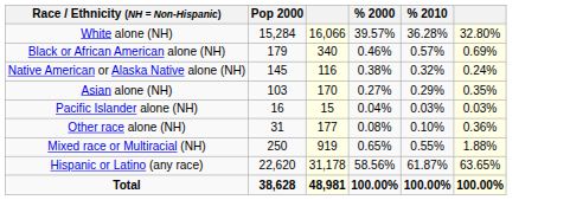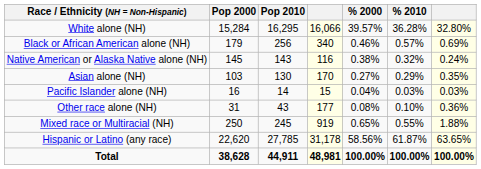 <table class="wikitable" style="text-align:center;">
 <tr>
 <th>Race / Ethnicity <small>(<em>NH = Non-Hispanic</em>)</small></th>
 <th>Pop 2000</th>
+<th>Pop 2010</th>
 <th></th>
 <th>% 2000</th>
 <th>% 2010</th>
 <th></th>
 </tr>
 <tr>
 <td><a href='#'>White</a> alone (NH)</td>
 <td>15,284</td>
+<td>16,295</td>
 <td style='background: #ffffe6;'>16,066</td>
 <td>39.57%</td>
 <td>36.28%</td>
 <td style='background: #ffffe6;'>32.80%</td>
 </tr>
 <tr>
 <td><a href='#'>Black or African American</a> alone (NH)</td>
 <td>179</td>
+<td>256</td>
 <td style='background: #ffffe6;'>340</td>
 <td>0.46%</td>
 <td>0.57%</td>
 <td style='background: #ffffe6;'>0.69%</td>
 </tr>
 <tr>
 <td><a href='#'>Native American</a> or <a href='#'>Alaska Native</a> alone (NH)</td>
 <td>145</td>
+<td>143</td>
 <td style='background: #ffffe6;'>116</td>
 <td>0.38%</td>
 <td>0.32%</td>
 <td style='background: #ffffe6;'>0.24%</td>
 </tr>
 <tr>
 <td><a href='#'>Asian</a> alone (NH)</td>
 <td>103</td>
+<td>130</td>
 <td style='background: #ffffe6;'>170</td>
 <td>0.27%</td>
 <td>0.29%</td>
 <td style='background: #ffffe6;'>0.35%</td>
 </tr>
 <tr>
 <td><a href='#'>Pacific Islander</a> alone (NH)</td>
 <td>16</td>
+<td>14</td>
 <td style='background: #ffffe6;'>15</td>
 <td>0.04%</td>
 <td>0.03%</td>
 <td style='background: #ffffe6;'>0.03%</td>
 </tr>
 <tr>
 <td><a href='#'>Other race</a> alone (NH)</td>
 <td>31</td>
+<td>43</td>
 <td style='background: #ffffe6;'>177</td>
 <td>0.08%</td>
 <td>0.10%</td>
 <td style='background: #ffffe6;'>0.36%</td>
 </tr>
 <tr>
 <td><a href='#'>Mixed race or Multiracial</a> (NH)</td>
 <td>250</td>
+<td>245</td>
 <td style='background: #ffffe6;'>919</td>
 <td>0.65%</td>
 <td>0.55%</td>
 <td style='background: #ffffe6;'>1.88%</td>
 </tr>
 <tr>
 <td><a href='#'>Hispanic or Latino</a> (any race)</td>
 <td>22,620</td>
+<td>27,785</td>
 <td style='background: #ffffe6;'>31,178</td>
 <td>58.56%</td>
 <td>61.87%</td>
 <td style='background: #ffffe6;'>63.65%</td>
 </tr>
 <tr>
 <td><strong>Total</strong></td>
 <td><strong>38,628</strong></td>
+<td><strong>44,911</strong></td>
 <td style='background: #ffffe6;'><strong>48,981</strong></td>
 <td><strong>100.00%</strong></td>
 <td><strong>100.00%</strong></td>
 <td style='background: #ffffe6;'><strong>100.00%</strong></td>
 </tr>
 </table>
